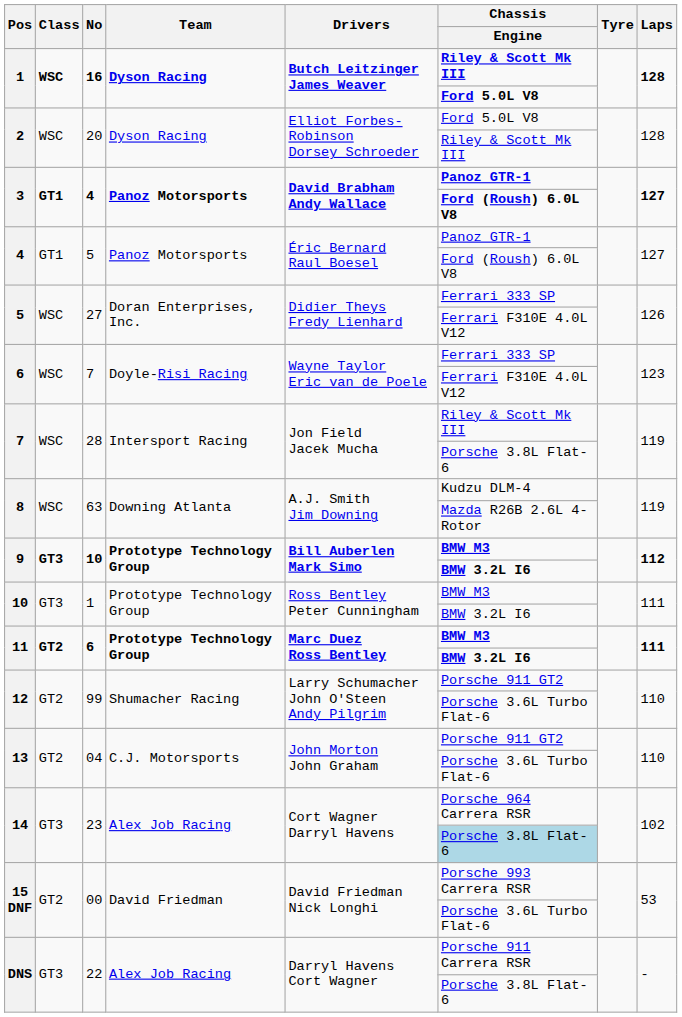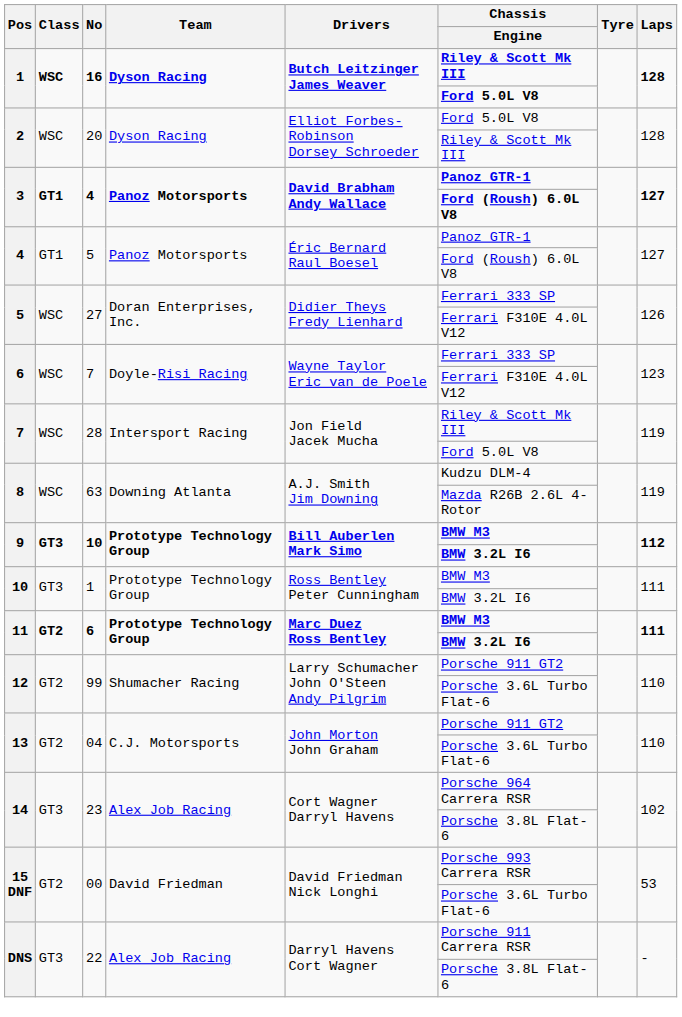 <table class="wikitable" style="font-size: 95%;">
 <tr>
 <th rowspan=2>Pos</th>
 <th rowspan=2>Class</th>
 <th rowspan=2>No</th>
 <th rowspan=2>Team</th>
 <th rowspan=2>Drivers</th>
 <th>Chassis</th>
 <th rowspan=2>Tyre</th>
 <th rowspan=2>Laps</th>
 </tr>
 <tr>
 <th>Engine</th>
 </tr>
 <tr style="font-weight:bold">
 <th rowspan=2>1</th>
 <td rowspan=2>WSC</td>
 <td rowspan=2>16</td>
 <td rowspan=2><a href='#'>Dyson Racing</a></td>
 <td rowspan=2> <a href='#'>Butch Leitzinger</a><br> <a href='#'>James Weaver</a></td>
 <td><a href='#'>Riley & Scott Mk III</a></td>
 <td rowspan=2></td>
 <td rowspan=2>128</td>
 </tr>
 <tr style="font-weight:bold">
 <td><a href='#'>Ford</a> 5.0L V8</td>
 </tr>
 <tr>
 <th rowspan=2>2</th>
 <td rowspan=2>WSC</td>
 <td rowspan=2>20</td>
 <td rowspan=2><a href='#'>Dyson Racing</a></td>
 <td rowspan=2> <a href='#'>Elliot Forbes-Robinson</a><br> <a href='#'>Dorsey Schroeder</a></td>
 <td><a href='#'>Ford</a> 5.0L V8</td>
 <td rowspan=2></td>
 <td rowspan=2>128</td>
 </tr>
 <tr>
 <td><a href='#'>Riley & Scott Mk III</a></td>
 </tr>
 <tr style="font-weight:bold">
 <th rowspan=2>3</th>
 <td rowspan=2>GT1</td>
 <td rowspan=2>4</td>
 <td rowspan=2><a href='#'>Panoz</a> Motorsports</td>
 <td rowspan=2> <a href='#'>David Brabham</a><br> <a href='#'>Andy Wallace</a></td>
 <td><a href='#'>Panoz GTR-1</a></td>
 <td rowspan=2></td>
 <td rowspan=2>127</td>
 </tr>
 <tr style="font-weight:bold">
 <td><a href='#'>Ford</a> (<a href='#'>Roush</a>) 6.0L V8</td>
 </tr>
 <tr>
 <th rowspan=2>4</th>
 <td rowspan=2>GT1</td>
 <td rowspan=2>5</td>
 <td rowspan=2><a href='#'>Panoz</a> Motorsports</td>
 <td rowspan=2> <a href='#'>Éric Bernard</a><br> <a href='#'>Raul Boesel</a></td>
 <td><a href='#'>Panoz GTR-1</a></td>
 <td rowspan=2></td>
 <td rowspan=2>127</td>
 </tr>
 <tr>
 <td><a href='#'>Ford</a> (<a href='#'>Roush</a>) 6.0L V8</td>
 </tr>
 <tr>
 <th rowspan=2>5</th>
 <td rowspan=2>WSC</td>
 <td rowspan=2>27</td>
 <td rowspan=2>Doran Enterprises, Inc.</td>
 <td rowspan=2> <a href='#'>Didier Theys</a><br> <a href='#'>Fredy Lienhard</a></td>
 <td><a href='#'>Ferrari 333 SP</a></td>
 <td rowspan=2></td>
 <td rowspan=2>126</td>
 </tr>
 <tr>
 <td><a href='#'>Ferrari</a> F310E 4.0L V12</td>
 </tr>
 <tr>
 <th rowspan=2>6</th>
 <td rowspan=2>WSC</td>
 <td rowspan=2>7</td>
 <td rowspan=2>Doyle-<a href='#'>Risi Racing</a></td>
 <td rowspan=2> <a href='#'>Wayne Taylor</a><br> <a href='#'>Eric van de Poele</a></td>
 <td><a href='#'>Ferrari 333 SP</a></td>
 <td rowspan=2></td>
 <td rowspan=2>123</td>
 </tr>
 <tr>
 <td><a href='#'>Ferrari</a> F310E 4.0L V12</td>
 </tr>
 <tr>
 <th rowspan=2>7</th>
 <td rowspan=2>WSC</td>
 <td rowspan=2>28</td>
 <td rowspan=2>Intersport Racing</td>
 <td rowspan=2> Jon Field<br> Jacek Mucha</td>
 <td><a href='#'>Riley & Scott Mk III</a></td>
 <td rowspan=2></td>
 <td rowspan=2>119</td>
 </tr>
 <tr>
-<td><a href='#'>Porsche</a> 3.8L Flat-6</td>
+<td><a href='#'>Ford</a> 5.0L V8</td>
 </tr>
 <tr>
 <th rowspan=2>8</th>
 <td rowspan=2>WSC</td>
 <td rowspan=2>63</td>
 <td rowspan=2>Downing Atlanta</td>
 <td rowspan=2> A.J. Smith<br> <a href='#'>Jim Downing</a></td>
 <td>Kudzu DLM-4</td>
 <td rowspan=2></td>
 <td rowspan=2>119</td>
 </tr>
 <tr>
 <td><a href='#'>Mazda</a> R26B 2.6L 4-Rotor</td>
 </tr>
 <tr style="font-weight:bold">
 <th rowspan=2>9</th>
 <td rowspan=2>GT3</td>
 <td rowspan=2>10</td>
 <td rowspan=2>Prototype Technology Group</td>
 <td rowspan=2> <a href='#'>Bill Auberlen</a><br> <a href='#'>Mark Simo</a></td>
 <td><a href='#'>BMW M3</a></td>
 <td rowspan=2></td>
 <td rowspan=2>112</td>
 </tr>
 <tr style="font-weight:bold">
 <td><a href='#'>BMW</a> 3.2L I6</td>
 </tr>
 <tr>
 <th rowspan=2>10</th>
 <td rowspan=2>GT3</td>
 <td rowspan=2>1</td>
 <td rowspan=2>Prototype Technology Group</td>
 <td rowspan=2> <a href='#'>Ross Bentley</a><br> Peter Cunningham</td>
 <td><a href='#'>BMW M3</a></td>
 <td rowspan=2></td>
 <td rowspan=2>111</td>
 </tr>
 <tr>
 <td><a href='#'>BMW</a> 3.2L I6</td>
 </tr>
 <tr style="font-weight:bold">
 <th rowspan=2>11</th>
 <td rowspan=2>GT2</td>
 <td rowspan=2>6</td>
 <td rowspan=2>Prototype Technology Group</td>
 <td rowspan=2> <a href='#'>Marc Duez</a><br> <a href='#'>Ross Bentley</a></td>
 <td><a href='#'>BMW M3</a></td>
 <td rowspan=2></td>
 <td rowspan=2>111</td>
 </tr>
 <tr style="font-weight:bold">
 <td><a href='#'>BMW</a> 3.2L I6</td>
 </tr>
 <tr>
 <th rowspan=2>12</th>
 <td rowspan=2>GT2</td>
 <td rowspan=2>99</td>
 <td rowspan=2>Shumacher Racing</td>
 <td rowspan=2> Larry Schumacher<br> John O'Steen<br> <a href='#'>Andy Pilgrim</a></td>
 <td><a href='#'>Porsche 911 GT2</a></td>
 <td rowspan=2></td>
 <td rowspan=2>110</td>
 </tr>
 <tr>
 <td><a href='#'>Porsche</a> 3.6L Turbo Flat-6</td>
 </tr>
 <tr>
 <th rowspan=2>13</th>
 <td rowspan=2>GT2</td>
 <td rowspan=2>04</td>
 <td rowspan=2>C.J. Motorsports</td>
 <td rowspan=2> <a href='#'>John Morton</a><br> John Graham</td>
 <td><a href='#'>Porsche 911 GT2</a></td>
 <td rowspan=2></td>
 <td rowspan=2>110</td>
 </tr>
 <tr>
 <td><a href='#'>Porsche</a> 3.6L Turbo Flat-6</td>
 </tr>
 <tr>
 <th rowspan=2>14</th>
 <td rowspan=2>GT3</td>
 <td rowspan=2>23</td>
 <td rowspan=2><a href='#'>Alex Job Racing</a></td>
 <td rowspan=2> Cort Wagner<br> Darryl Havens</td>
 <td><a href='#'>Porsche 964</a> Carrera RSR</td>
 <td rowspan=2></td>
 <td rowspan=2>102</td>
 </tr>
 <tr>
-<td style="background: lightblue;"><a href='#'>Porsche</a> 3.8L Flat-6</td>
+<td><a href='#'>Porsche</a> 3.8L Flat-6</td>
 </tr>
 <tr>
 <th rowspan=2>15<br>DNF</th>
 <td rowspan=2>GT2</td>
 <td rowspan=2>00</td>
 <td rowspan=2>David Friedman</td>
 <td rowspan=2> David Friedman<br> Nick Longhi</td>
 <td><a href='#'>Porsche 993</a> Carrera RSR</td>
 <td rowspan=2></td>
 <td rowspan=2>53</td>
 </tr>
 <tr>
 <td><a href='#'>Porsche</a> 3.6L Turbo Flat-6</td>
 </tr>
 <tr>
 <th rowspan=2>DNS</th>
 <td rowspan=2>GT3</td>
 <td rowspan=2>22</td>
 <td rowspan=2><a href='#'>Alex Job Racing</a></td>
 <td rowspan=2> Darryl Havens<br> Cort Wagner</td>
 <td><a href='#'>Porsche 911</a> Carrera RSR</td>
 <td rowspan=2></td>
 <td rowspan=2>-</td>
 </tr>
 <tr>
 <td><a href='#'>Porsche</a> 3.8L Flat-6</td>
 </tr>
 </table>
